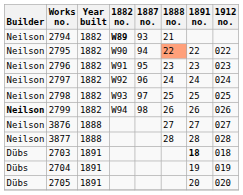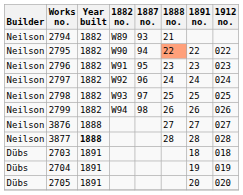 <table class="wikitable collapsible collapsed sortable" style="margin:0.5em auto; font-size:100%;">
 <tr>
 <th><br>Builder</th>
 <th>Works<br>no.</th>
 <th>Year<br>built</th>
 <th>1882<br>no.</th>
 <th>1887<br>no.</th>
 <th>1888<br>no.</th>
 <th>1891<br>no.</th>
 <th>1912<br>no.</th>
 </tr>
 <tr>
 <td>Neilson</td>
 <td>2794</td>
 <td>1882</td>
-<td><strong>W89</strong></td>
+<td>W89</td>
 <td>93</td>
 <td>21</td>
 <td></td>
 <td></td>
 </tr>
 <tr>
 <td>Neilson</td>
 <td>2795</td>
 <td>1882</td>
 <td>W90</td>
 <td>94</td>
 <td style="background: lightsalmon;">22</td>
 <td>22</td>
 <td>022</td>
 </tr>
 <tr>
 <td>Neilson</td>
 <td>2796</td>
 <td>1882</td>
 <td>W91</td>
 <td>95</td>
 <td>23</td>
 <td>23</td>
 <td>023</td>
 </tr>
 <tr>
 <td>Neilson</td>
 <td>2797</td>
 <td>1882</td>
 <td>W92</td>
 <td>96</td>
 <td>24</td>
 <td>24</td>
 <td>024</td>
 </tr>
 <tr>
 <td>Neilson</td>
 <td>2798</td>
 <td>1882</td>
 <td>W93</td>
 <td>97</td>
 <td>25</td>
 <td>25</td>
 <td>025</td>
 </tr>
 <tr>
-<td><strong>Neilson</strong></td>
+<td>Neilson</td>
 <td>2799</td>
 <td>1882</td>
 <td>W94</td>
 <td>98</td>
 <td>26</td>
 <td>26</td>
 <td>026</td>
 </tr>
 <tr>
 <td>Neilson</td>
 <td>3876</td>
 <td>1888</td>
 <td></td>
 <td></td>
 <td>27</td>
 <td>27</td>
 <td>027</td>
 </tr>
 <tr>
 <td>Neilson</td>
 <td>3877</td>
-<td>1888</td>
+<td><strong>1888</strong></td>
 <td></td>
 <td></td>
 <td>28</td>
 <td>28</td>
 <td>028</td>
 </tr>
 <tr>
 <td>Dübs</td>
 <td>2703</td>
 <td>1891</td>
 <td></td>
 <td></td>
 <td></td>
-<td><strong>18</strong></td>
+<td>18</td>
 <td>018</td>
 </tr>
 <tr>
 <td>Dübs</td>
 <td>2704</td>
 <td>1891</td>
 <td></td>
 <td></td>
 <td></td>
 <td>19</td>
 <td>019</td>
 </tr>
 <tr>
 <td>Dübs</td>
 <td>2705</td>
 <td>1891</td>
 <td></td>
 <td></td>
 <td></td>
 <td>20</td>
 <td>020</td>
 </tr>
 <tr>
 </tr>
 </table>
